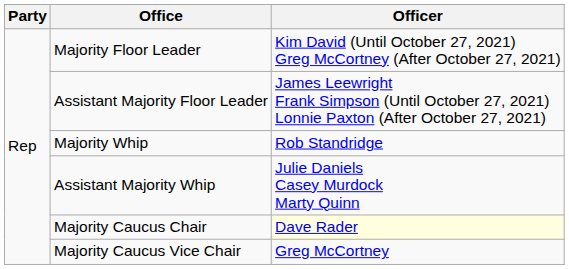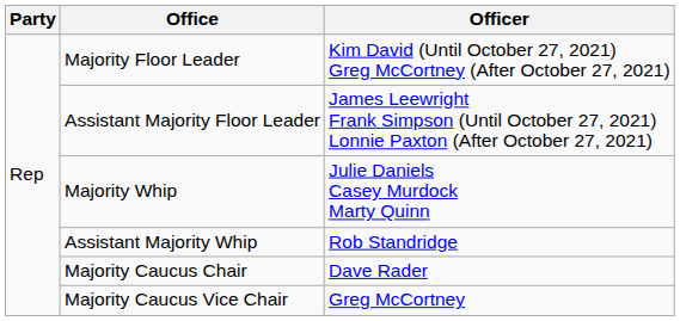 <table class=wikitable>
 <tr>
 <th>Party</th>
 <th>Office</th>
 <th>Officer</th>
 </tr>
 <tr>
 <td rowspan=13 style="background: ">Rep</td>
 <td>Majority Floor Leader</td>
 <td><a href='#'>Kim David</a> (Until October 27, 2021)<br><a href='#'>Greg McCortney</a> (After October 27, 2021)</td>
 </tr>
 <tr>
 <td>Assistant Majority Floor Leader</td>
 <td><a href='#'>James Leewright</a><br><a href='#'>Frank Simpson</a> (Until October 27, 2021)<br><a href='#'>Lonnie Paxton</a> (After October 27, 2021)</td>
 </tr>
 <tr>
 <td>Majority Whip</td>
+<td><a href='#'>Julie Daniels</a><br><a href='#'>Casey Murdock</a><br><a href='#'>Marty Quinn</a></td>
+</tr>
+<tr>
+<td>Assistant Majority Whip</td>
 <td><a href='#'>Rob Standridge</a></td>
 </tr>
 <tr>
-<td>Assistant Majority Whip</td>
-<td><a href='#'>Julie Daniels</a><br><a href='#'>Casey Murdock</a><br><a href='#'>Marty Quinn</a></td>
-</tr>
-<tr>
 <td>Majority Caucus Chair</td>
-<td style="background: lightyellow;"><a href='#'>Dave Rader</a></td>
+<td><a href='#'>Dave Rader</a></td>
 </tr>
 <tr>
 <td>Majority Caucus Vice Chair</td>
 <td><a href='#'>Greg McCortney</a></td>
 </tr>
 </table>
